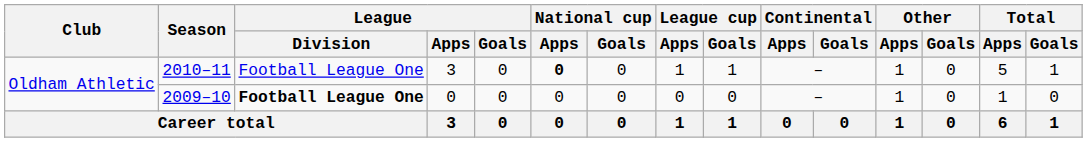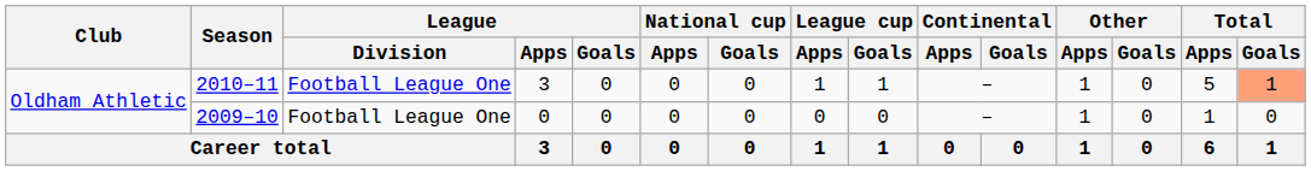 <table class="wikitable" style="text-align:center">
 <tr>
 <th rowspan="2">Club</th>
 <th rowspan="2">Season</th>
 <th colspan="3">League</th>
 <th colspan="2">National cup</th>
 <th colspan="2">League cup</th>
 <th colspan="2">Continental</th>
 <th colspan="2">Other</th>
 <th colspan="2">Total</th>
 </tr>
 <tr>
 <th>Division</th>
 <th>Apps</th>
 <th>Goals</th>
 <th>Apps</th>
 <th>Goals</th>
 <th>Apps</th>
 <th>Goals</th>
 <th>Apps</th>
 <th>Goals</th>
 <th>Apps</th>
 <th>Goals</th>
 <th>Apps</th>
 <th>Goals</th>
 </tr>
 <tr>
 <td rowspan="2"><a href='#'>Oldham Athletic</a></td>
 <td><a href='#'>2010–11</a></td>
 <td><a href='#'>Football League One</a></td>
 <td>3</td>
 <td>0</td>
-<td><strong>0</strong></td>
+<td>0</td>
 <td>0</td>
 <td>1</td>
 <td>1</td>
 <td colspan="2">–</td>
 <td>1</td>
 <td>0</td>
 <td>5</td>
-<td>1</td>
+<td style="background: lightsalmon;">1</td>
 </tr>
 <tr>
 <td><a href='#'>2009–10</a></td>
-<td><strong>Football League One</strong></td>
+<td>Football League One</td>
 <td>0</td>
 <td>0</td>
 <td>0</td>
 <td>0</td>
 <td>0</td>
 <td>0</td>
 <td colspan="2">–</td>
 <td>1</td>
 <td>0</td>
 <td>1</td>
 <td>0</td>
 </tr>
 <tr>
 <th colspan="3">Career total</th>
 <th>3</th>
 <th>0</th>
 <th>0</th>
 <th>0</th>
 <th>1</th>
 <th>1</th>
 <th>0</th>
 <th>0</th>
 <th>1</th>
 <th>0</th>
 <th>6</th>
 <th>1</th>
 </tr>
 </table>
